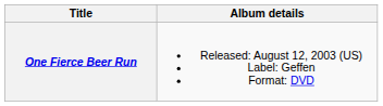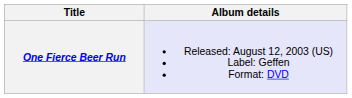 <table class="wikitable plainrowheaders" style="text-align:center;" border="1">
 <tr>
 <th scope="col" style="width:13em;">Title</th>
 <th scope="col" style="width:19em;">Album details</th>
 </tr>
 <tr>
 <th scope="row"><em><a href='#'>One Fierce Beer Run</a></em></th>
-<td><br><ul><li>Released: August 12, 2003 <span>(US)</span></li><li>Label: Geffen</li><li>Format: <a href='#'>DVD</a></li></ul></td>
+<td style="background: lavender;"><br><ul><li>Released: August 12, 2003 <span>(US)</span></li><li>Label: Geffen</li><li>Format: <a href='#'>DVD</a></li></ul></td>
 </tr>
 </table>
